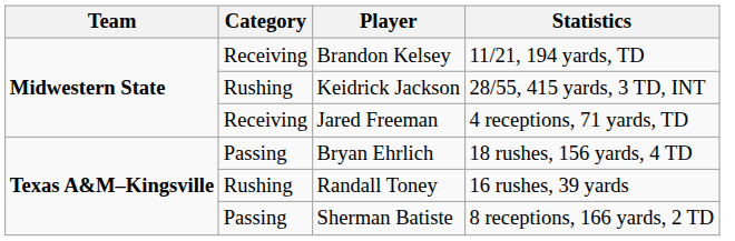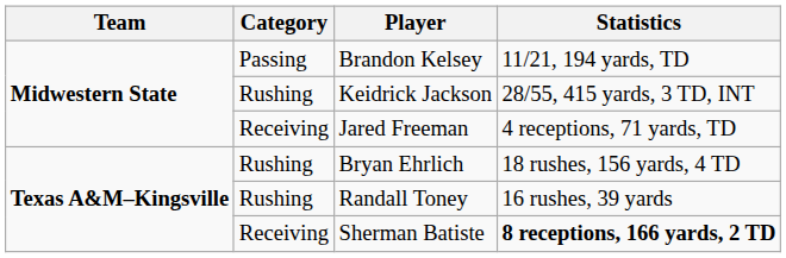 <table class="wikitable" style="float: left;">
 <tr>
 <th>Team</th>
 <th>Category</th>
 <th>Player</th>
 <th>Statistics</th>
 </tr>
 <tr>
 <td rowspan=3><strong>Midwestern State</strong></td>
-<td>Receiving</td>
+<td>Passing</td>
 <td>Brandon Kelsey</td>
 <td>11/21, 194 yards, TD</td>
 </tr>
 <tr>
 <td>Rushing</td>
 <td>Keidrick Jackson</td>
 <td>28/55, 415 yards, 3 TD, INT</td>
 </tr>
 <tr>
 <td>Receiving</td>
 <td>Jared Freeman</td>
 <td>4 receptions, 71 yards, TD</td>
 </tr>
 <tr>
 <td rowspan=3><strong>Texas A&M–Kingsville</strong></td>
-<td>Passing</td>
+<td>Rushing</td>
 <td>Bryan Ehrlich</td>
 <td>18 rushes, 156 yards, 4 TD</td>
 </tr>
 <tr>
 <td>Rushing</td>
 <td>Randall Toney</td>
 <td>16 rushes, 39 yards</td>
 </tr>
 <tr>
-<td>Passing</td>
+<td>Receiving</td>
 <td>Sherman Batiste</td>
-<td>8 receptions, 166 yards, 2 TD</td>
+<td><strong>8 receptions, 166 yards, 2 TD</strong></td>
 </tr>
 </table>
